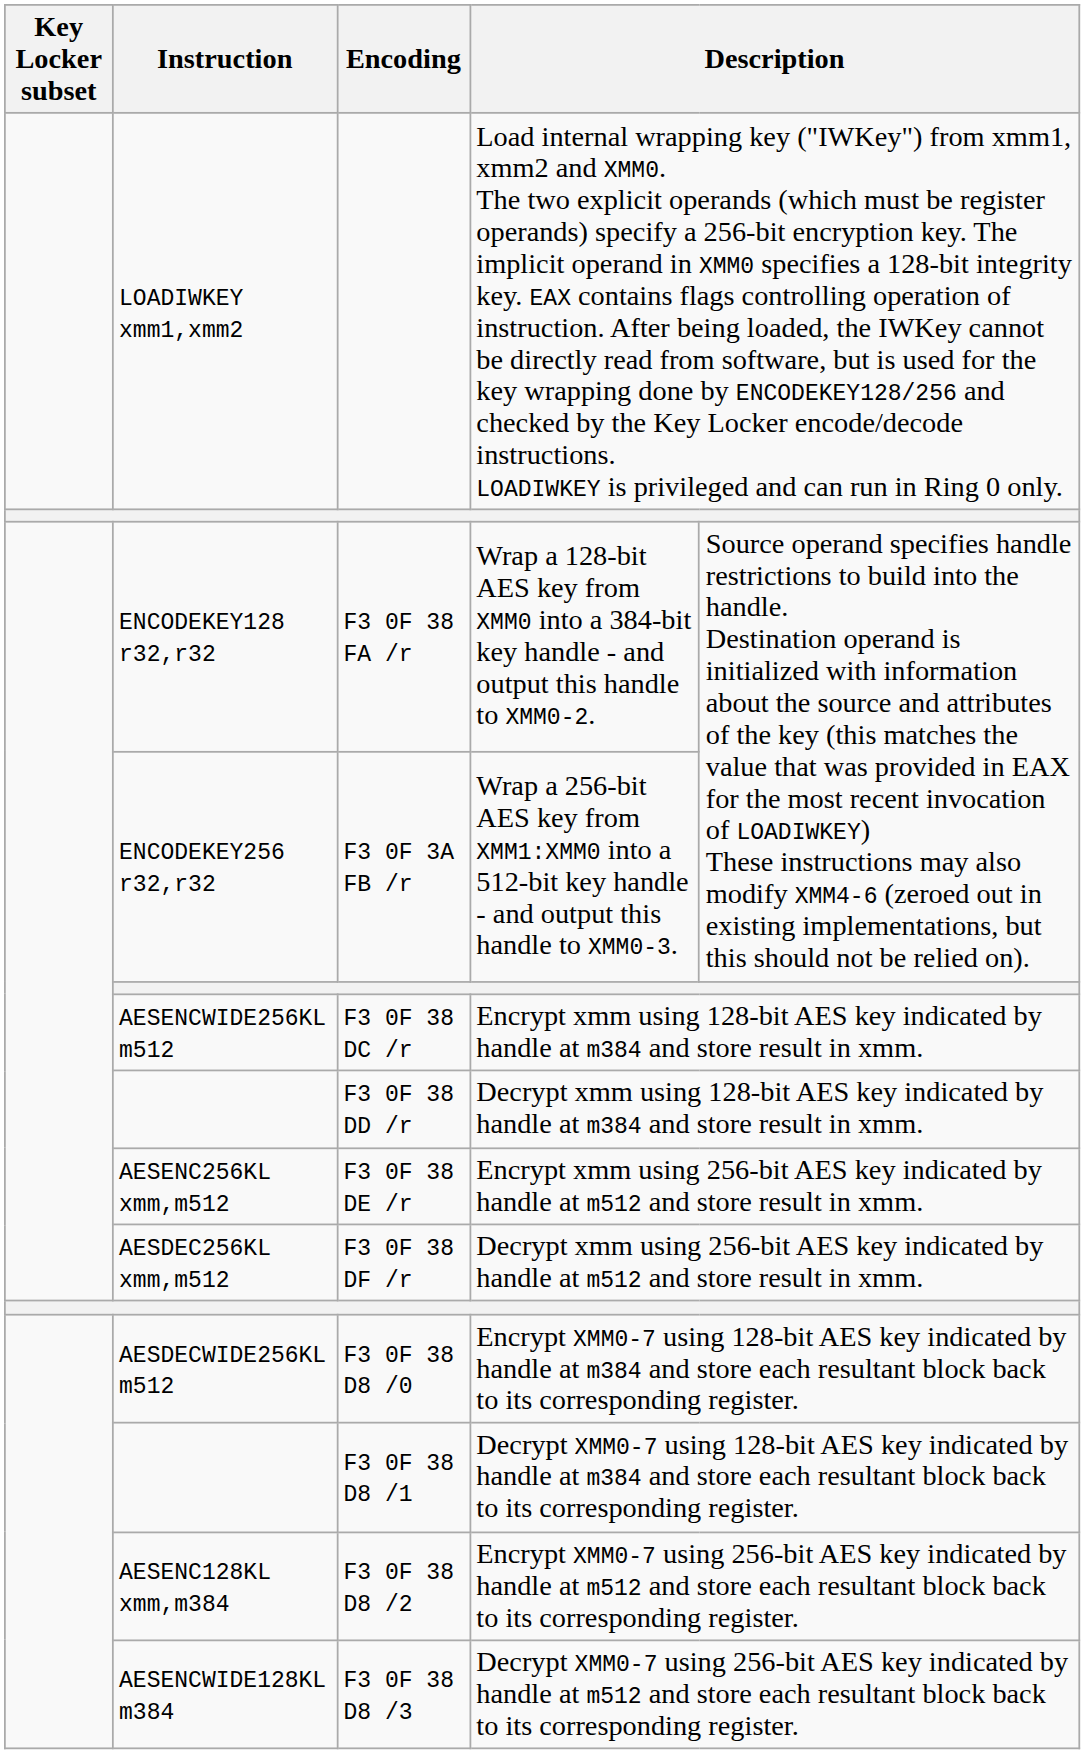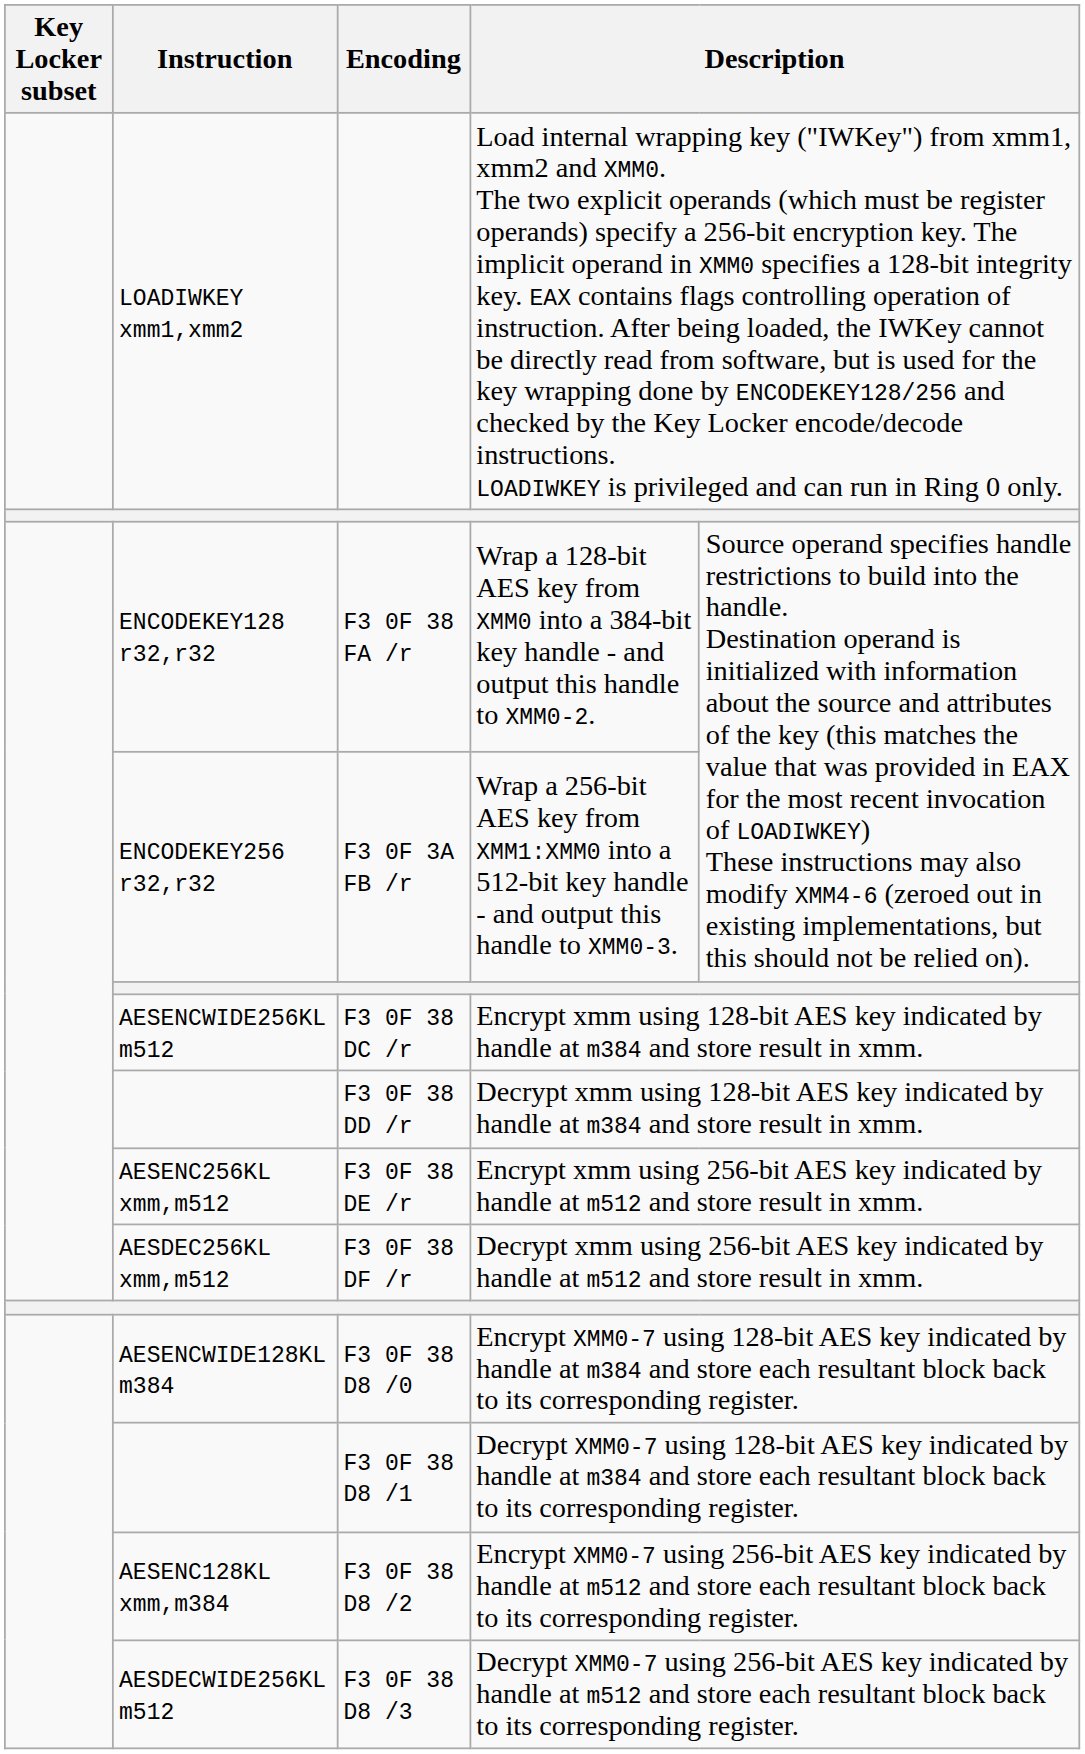 <table class="wikitable sortable">
 <tr>
 <th>Key Locker subset</th>
 <th>Instruction</th>
 <th>Encoding</th>
 <th colspan=2>Description</th>
 </tr>
 <tr>
 <td></td>
 <td><code>LOADIWKEY xmm1,xmm2</code></td>
 <td></td>
 <td colspan=2>Load internal wrapping key ("IWKey") from xmm1, xmm2 and <code>XMM0</code>.<br>The two explicit operands (which must be register operands) specify a 256-bit encryption key. The implicit operand in <code>XMM0</code> specifies a 128-bit integrity key. <code>EAX</code> contains flags controlling operation of instruction. After being loaded, the IWKey cannot be directly read from software, but is used for the key wrapping done by <code>ENCODEKEY128/256</code> and checked by the Key Locker encode/decode instructions.<br><code>LOADIWKEY</code> is privileged and can run in Ring 0 only.</td>
 </tr>
 <tr>
 <th colspan=5></th>
 </tr>
 <tr>
 <td rowspan=7></td>
 <td><code>ENCODEKEY128 r32,r32</code></td>
 <td><code>F3 0F 38 FA /r</code></td>
 <td>Wrap a 128-bit AES key from <code>XMM0</code> into a 384-bit key handle - and output this handle to <code>XMM0-2</code>.</td>
 <td rowspan=2>Source operand specifies handle restrictions to build into the handle.<br>Destination operand is initialized with information about the source and attributes of the key (this matches the value that was provided in EAX for the most recent invocation of <code>LOADIWKEY</code>)<br>These instructions may also modify <code>XMM4-6</code> (zeroed out in existing implementations, but this should not be relied on).</td>
 </tr>
 <tr>
 <td><code>ENCODEKEY256 r32,r32</code></td>
 <td><code>F3 0F 3A FB /r</code></td>
 <td>Wrap a 256-bit AES key from <code>XMM1:XMM0</code> into a 512-bit key handle - and output this handle to <code>XMM0-3</code>.</td>
 </tr>
 <tr>
 <th colspan=4></th>
 </tr>
 <tr>
 <td><code>AESENCWIDE256KL m512</code></td>
 <td><code>F3 0F 38 DC /r</code></td>
 <td colspan=2>Encrypt xmm using 128-bit AES key indicated by handle at <code>m384</code> and store result in xmm.</td>
 </tr>
 <tr>
 <td></td>
 <td><code>F3 0F 38 DD /r</code></td>
 <td colspan=2>Decrypt xmm using 128-bit AES key indicated by handle at <code>m384</code> and store result in xmm.</td>
 </tr>
 <tr>
 <td><code>AESENC256KL xmm,m512</code></td>
 <td><code>F3 0F 38 DE /r</code></td>
 <td colspan=2>Encrypt xmm using 256-bit AES key indicated by handle at <code>m512</code> and store result in xmm.</td>
 </tr>
 <tr>
 <td><code>AESDEC256KL xmm,m512</code></td>
 <td><code>F3 0F 38 DF /r</code></td>
 <td colspan=2>Decrypt xmm using 256-bit AES key indicated by handle at <code>m512</code> and store result in xmm.</td>
 </tr>
 <tr>
 <th colspan=5></th>
 </tr>
 <tr>
 <td rowspan=4></td>
-<td><code>AESDECWIDE256KL m512</code></td>
+<td><code>AESENCWIDE128KL m384</code></td>
 <td><code>F3 0F 38 D8 /0</code></td>
 <td colspan=2>Encrypt <code>XMM0-7</code> using 128-bit AES key indicated by handle at <code>m384</code> and store each resultant block back to its corresponding register.</td>
 </tr>
 <tr>
 <td></td>
 <td><code>F3 0F 38 D8 /1</code></td>
 <td colspan=2>Decrypt <code>XMM0-7</code> using 128-bit AES key indicated by handle at <code>m384</code> and store each resultant block back to its corresponding register.</td>
 </tr>
 <tr>
 <td><code>AESENC128KL xmm,m384</code></td>
 <td><code>F3 0F 38 D8 /2</code></td>
 <td colspan=2>Encrypt <code>XMM0-7</code> using 256-bit AES key indicated by handle at <code>m512</code> and store each resultant block back to its corresponding register.</td>
 </tr>
 <tr>
-<td><code>AESENCWIDE128KL m384</code></td>
+<td><code>AESDECWIDE256KL m512</code></td>
 <td><code>F3 0F 38 D8 /3</code></td>
 <td colspan=2>Decrypt <code>XMM0-7</code> using 256-bit AES key indicated by handle at <code>m512</code> and store each resultant block back to its corresponding register.</td>
 </tr>
 </table>
